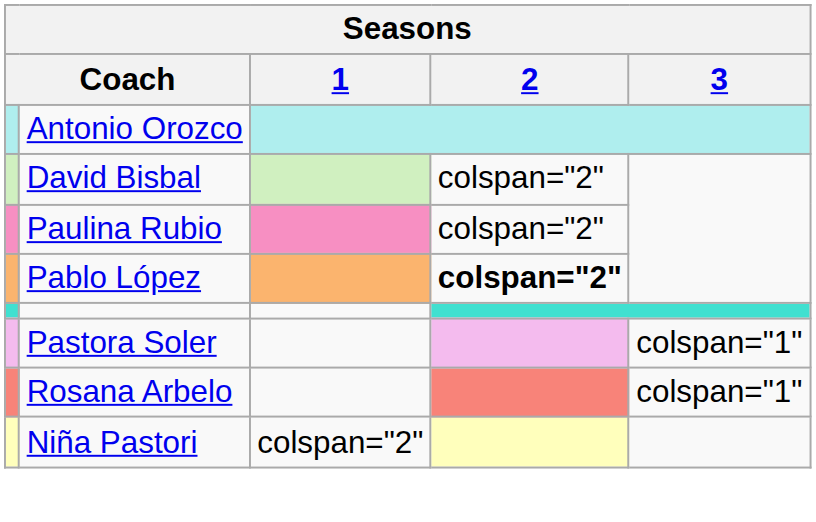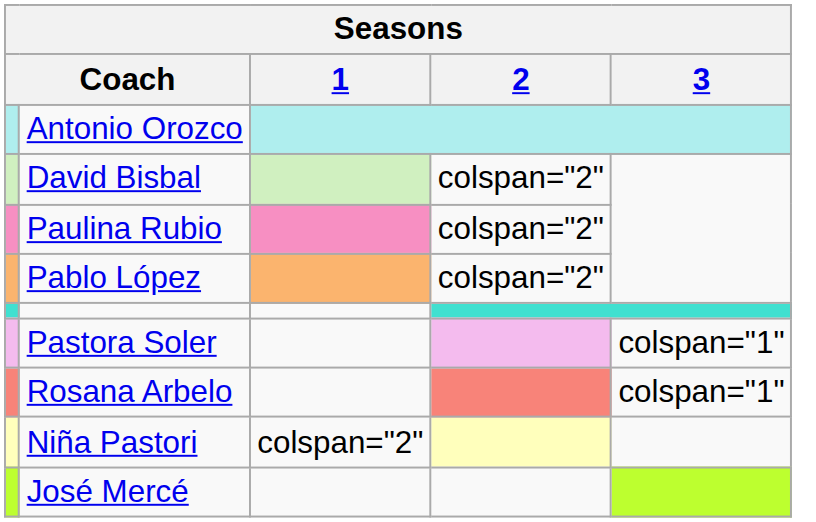 <table class="wikitable">
 <tr>
 <th colspan="5">Seasons</th>
 </tr>
 <tr>
 <th colspan="2">Coach</th>
 <th width="50"><a href='#'>1</a></th>
 <th width="50"><a href='#'>2</a></th>
 <th width="50"><a href='#'>3</a></th>
 </tr>
 <tr>
 <td style="background:#afeeee"></td>
 <td><a href='#'>Antonio Orozco</a></td>
 <td colspan="3" style="background:#afeeee"></td>
 </tr>
 <tr>
 <td style="background:#d0f0c0"></td>
 <td><a href='#'>David Bisbal</a></td>
 <td style="background:#d0f0c0"></td>
 <td>colspan="2" </td>
 </tr>
 <tr>
 <td style="background:#F78FC2"></td>
 <td><a href='#'>Paulina Rubio</a></td>
 <td style="background:#F78FC2"></td>
 <td>colspan="2" </td>
 </tr>
 <tr>
 <td style="background:#fbb46e"></td>
 <td><a href='#'>Pablo López</a></td>
 <td style="background:#fbb46e"></td>
-<td><strong>colspan="2" </strong></td>
+<td>colspan="2" </td>
 </tr>
 <tr>
 <td style="background:turquoise"></td>
 <td></td>
 <td></td>
 <td colspan="2" style="background:turquoise"></td>
 </tr>
 <tr>
 <td style="background:#f4bbee"></td>
 <td><a href='#'>Pastora Soler</a></td>
 <td></td>
 <td style="background:#f4bbee"></td>
 <td>colspan="1" </td>
 </tr>
 <tr>
 <td style="background:#f88379"></td>
 <td><a href='#'>Rosana Arbelo</a></td>
 <td></td>
 <td colspan="1" bgcolor="#f88379"></td>
 <td>colspan="1" </td>
 </tr>
 <tr>
 <td style="background:#ffffbc"></td>
 <td><a href='#'>Niña Pastori</a></td>
 <td>colspan="2" </td>
 <td colspan="1" bgcolor="#ffffbc"></td>
 </tr>
+<tr>
+<td style="background:#bdff2f"></td>
+<td><a href='#'>José Mercé</a></td>
+<td></td>
+<td></td>
+<td colspan="1" bgcolor="#bdff2f"></td>
+</tr>
 </table>
